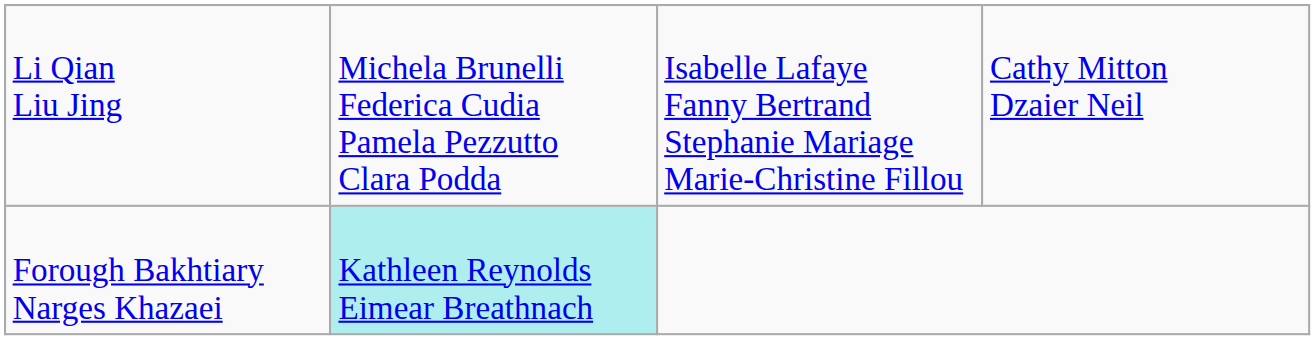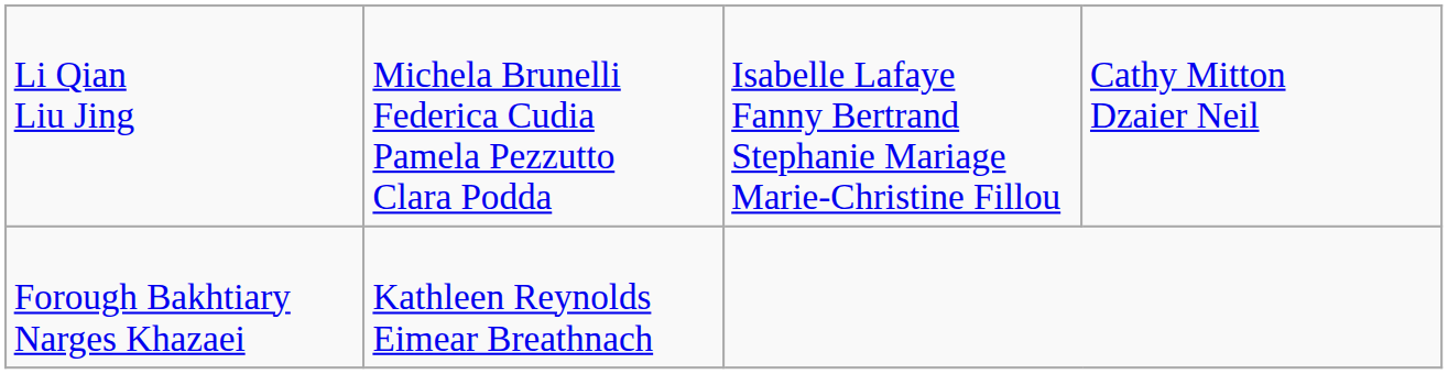 <table class="wikitable">
 <tr>
 <td style="vertical-align:top; width:150px"><br><a href='#'>Li Qian</a><br><a href='#'>Liu Jing</a></td>
 <td style="vertical-align:top; width:150px"><br><a href='#'>Michela Brunelli</a><br><a href='#'>Federica Cudia</a><br><a href='#'>Pamela Pezzutto</a><br><a href='#'>Clara Podda</a></td>
 <td style="vertical-align:top; width:150px"><br><a href='#'>Isabelle Lafaye</a><br><a href='#'>Fanny Bertrand</a><br><a href='#'>Stephanie Mariage</a><br><a href='#'>Marie-Christine Fillou</a></td>
 <td style="vertical-align:top; width:150px"><br><a href='#'>Cathy Mitton</a><br><a href='#'>Dzaier Neil</a></td>
 </tr>
 <tr>
 <td style="vertical-align:top; width:150px"><br><a href='#'>Forough Bakhtiary</a><br><a href='#'>Narges Khazaei</a></td>
-<td style="background: paleturquoise; vertical-align:top; width:150px"><br><a href='#'>Kathleen Reynolds</a><br><a href='#'>Eimear Breathnach</a></td>
+<td style="vertical-align:top; width:150px"><br><a href='#'>Kathleen Reynolds</a><br><a href='#'>Eimear Breathnach</a></td>
 </tr>
 </table>
